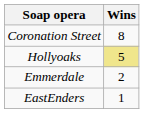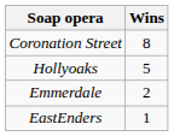 <table class="wikitable" style="text-align: center;">
 <tr>
 <th scope="col">Soap opera</th>
 <th scope="col">Wins</th>
 </tr>
 <tr>
 <td><em>Coronation Street</em></td>
 <td>8</td>
 </tr>
 <tr>
 <td><em>Hollyoaks</em></td>
-<td style="background: khaki;">5</td>
+<td>5</td>
 </tr>
 <tr>
 <td><em>Emmerdale</em></td>
 <td>2</td>
 </tr>
 <tr>
 <td><em>EastEnders</em></td>
 <td>1</td>
 </tr>
 </table>
